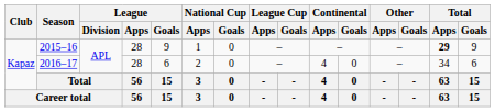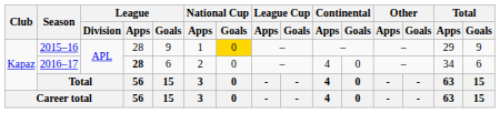 <table class="wikitable" style="text-align: center;">
 <tr>
 <th rowspan="2">Club</th>
 <th rowspan="2">Season</th>
 <th colspan="3">League</th>
 <th colspan="2">National Cup</th>
 <th colspan="2">League Cup</th>
 <th colspan="2">Continental</th>
 <th colspan="2">Other</th>
 <th colspan="2">Total</th>
 </tr>
 <tr>
 <th>Division</th>
 <th>Apps</th>
 <th>Goals</th>
 <th>Apps</th>
 <th>Goals</th>
 <th>Apps</th>
 <th>Goals</th>
 <th>Apps</th>
 <th>Goals</th>
 <th>Apps</th>
 <th>Goals</th>
 <th>Apps</th>
 <th>Goals</th>
 </tr>
 <tr>
 <td rowspan="3" valign="center"><a href='#'>Kapaz</a></td>
 <td><a href='#'>2015–16</a></td>
 <td rowspan="2" valign="center"><a href='#'>APL</a></td>
 <td>28</td>
 <td>9</td>
 <td>1</td>
-<td>0</td>
+<td style="background: gold;">0</td>
 <td colspan="2">–</td>
 <td colspan="2">–</td>
 <td colspan="2">–</td>
-<td><strong>29</strong></td>
+<td>29</td>
 <td>9</td>
 </tr>
 <tr>
 <td><a href='#'>2016–17</a></td>
-<td>28</td>
+<td><strong>28</strong></td>
 <td>6</td>
 <td>2</td>
 <td>0</td>
 <td colspan="2">–</td>
 <td>4</td>
 <td>0</td>
 <td colspan="2">–</td>
 <td>34</td>
 <td>6</td>
 </tr>
 <tr>
 <th colspan="2">Total</th>
 <th>56</th>
 <th>15</th>
 <th>3</th>
 <th>0</th>
 <th>-</th>
 <th>-</th>
 <th>4</th>
 <th>0</th>
 <th>-</th>
 <th>-</th>
 <th>63</th>
 <th>15</th>
 </tr>
 <tr>
 <th colspan="3">Career total</th>
 <th>56</th>
 <th>15</th>
 <th>3</th>
 <th>0</th>
 <th>-</th>
 <th>-</th>
 <th>4</th>
 <th>0</th>
 <th>-</th>
 <th>-</th>
 <th>63</th>
 <th>15</th>
 </tr>
 </table>
